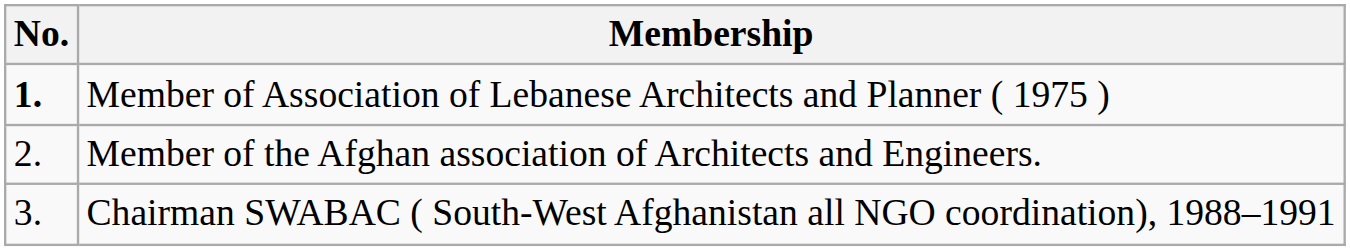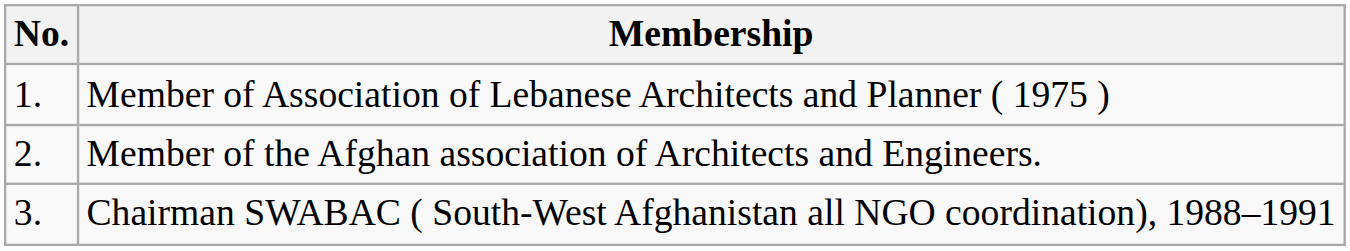 <table class="wikitable">
 <tr>
 <th>No.</th>
 <th>Membership</th>
 </tr>
 <tr>
-<td><strong>1.</strong></td>
+<td>1.</td>
 <td>Member of Association of  Lebanese Architects and Planner ( 1975 )</td>
 </tr>
 <tr>
 <td>2.</td>
 <td>Member of the Afghan association of Architects and Engineers.</td>
 </tr>
 <tr>
 <td>3.</td>
 <td>Chairman  SWABAC ( South-West Afghanistan all NGO coordination), 1988–1991</td>
 </tr>
 </table>
